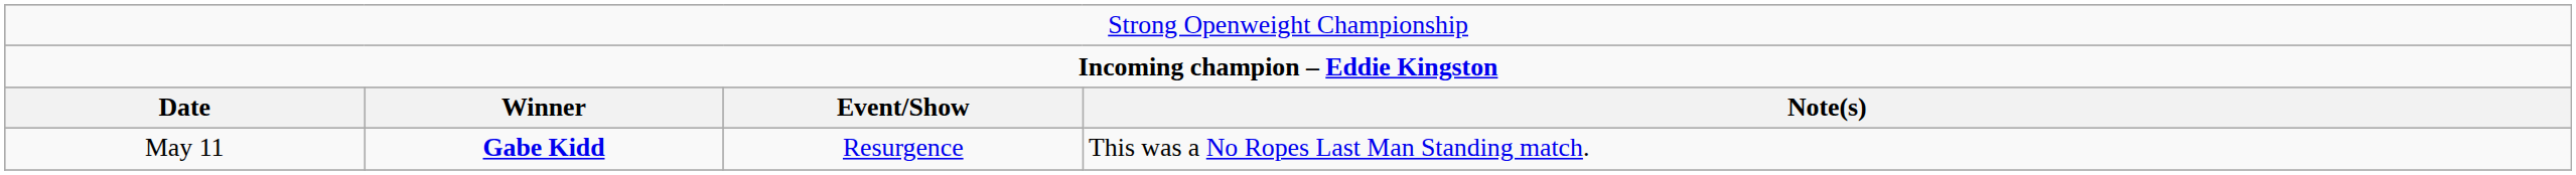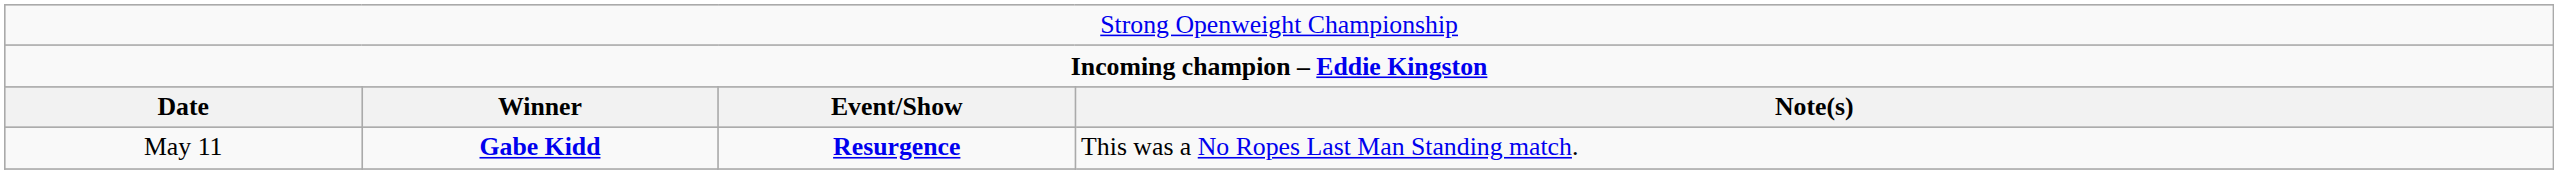 <table class="wikitable" style="text-align:center; width:100%;">
 <tr>
 <td colspan="4" style="text-align: center;"><a href='#'>Strong Openweight Championship</a></td>
 </tr>
 <tr>
 <td colspan="4" style="text-align: center;"><strong>Incoming champion – <a href='#'>Eddie Kingston</a></strong></td>
 </tr>
 <tr>
 <th width=14%>Date</th>
 <th width=14%>Winner</th>
 <th width=14%>Event/Show</th>
 <th width=58%>Note(s)</th>
 </tr>
 <tr>
 <td>May 11</td>
 <td><strong><a href='#'>Gabe Kidd</a></strong></td>
-<td><a href='#'>Resurgence</a></td>
+<td><strong><a href='#'>Resurgence</a></strong></td>
 <td align=left>This was a <a href='#'>No Ropes Last Man Standing match</a>.</td>
 </tr>
 </table>
